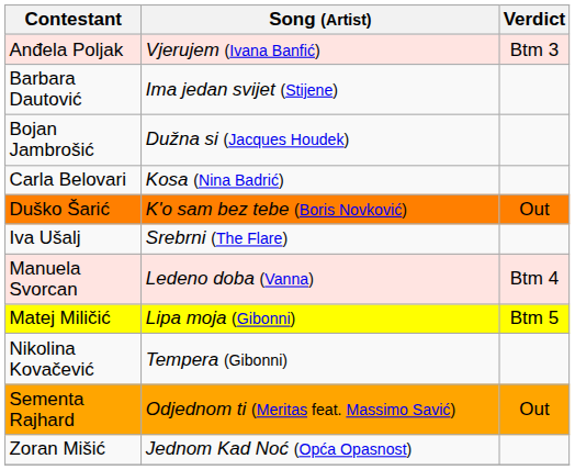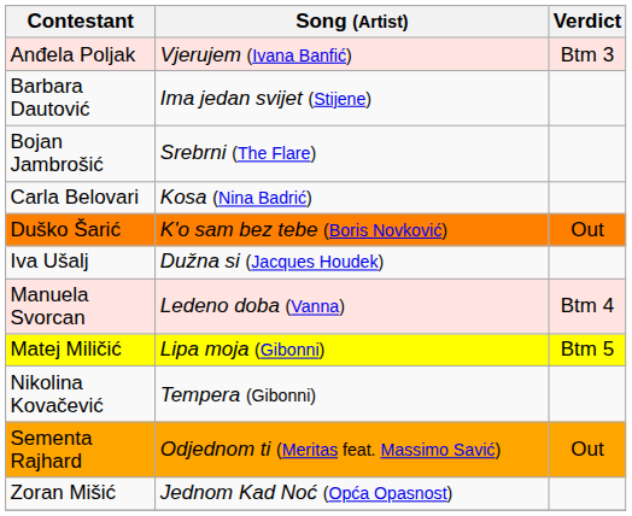 <table class="wikitable">
 <tr>
 <th width="110">Contestant</th>
 <th width="300">Song <small>(Artist)</small></th>
 <th width="28">Verdict</th>
 </tr>
 <tr bgcolor="#FFE4E1">
 <td align="left">Anđela Poljak</td>
 <td align="left"><em>Vjerujem</em> <small>(<a href='#'>Ivana Banfić</a>)</small></td>
 <td align="center">Btm 3</td>
 </tr>
 <tr>
 <td align="left">Barbara Dautović</td>
 <td align="left"><em>Ima jedan svijet</em> <small>(<a href='#'>Stijene</a>)</small></td>
 <td align="center"></td>
 </tr>
 <tr>
 <td align="left">Bojan Jambrošić</td>
-<td align="left"><em>Dužna si</em> <small>(<a href='#'>Jacques Houdek</a>)</small></td>
+<td align="left"><em>Srebrni</em> <small>(<a href='#'>The Flare</a>)</small></td>
 <td align="center"></td>
 </tr>
 <tr>
 <td align="left">Carla Belovari</td>
 <td align="left"><em>Kosa</em> <small>(<a href='#'>Nina Badrić</a>)</small></td>
 <td align="center"></td>
 </tr>
 <tr bgcolor="#FF7F00">
 <td align="left">Duško Šarić</td>
 <td align="left"><em>K'o sam bez tebe</em> <small>(<a href='#'>Boris Novković</a>)</small></td>
 <td align="center">Out</td>
 </tr>
 <tr>
 <td align="left">Iva Ušalj</td>
-<td align="left"><em>Srebrni</em> <small>(<a href='#'>The Flare</a>)</small></td>
+<td align="left"><em>Dužna si</em> <small>(<a href='#'>Jacques Houdek</a>)</small></td>
 <td align="center"></td>
 </tr>
 <tr bgcolor="#FFE4E1">
 <td align="left">Manuela Svorcan</td>
 <td align="left"><em>Ledeno doba</em> <small>(<a href='#'>Vanna</a>)</small></td>
 <td align="center">Btm 4</td>
 </tr>
 <tr bgcolor="yellow">
 <td align="left">Matej Miličić</td>
 <td align="left"><em>Lipa moja</em> <small>(<a href='#'>Gibonni</a>)</small></td>
 <td align="center">Btm 5</td>
 </tr>
 <tr>
 <td align="left">Nikolina Kovačević</td>
 <td align="left"><em>Tempera</em> <small>(Gibonni)</small></td>
 <td align="center"></td>
 </tr>
 <tr bgcolor="orange">
 <td align="left">Sementa Rajhard</td>
 <td align="left"><em>Odjednom ti</em> <small>(<a href='#'>Meritas</a> feat. <a href='#'>Massimo Savić</a>)</small></td>
 <td align="center">Out</td>
 </tr>
 <tr>
 <td align="left">Zoran Mišić</td>
 <td align="left"><em>Jednom Kad Noć</em> <small>(<a href='#'>Opća Opasnost</a>)</small></td>
 <td align="center"></td>
 </tr>
 <tr>
 </tr>
 </table>
